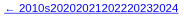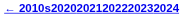 <table id=toc class=toc summary=Contents>
 <tr>
 <th></th>
 </tr>
 <tr>
-<td align=center><a href='#'>← 2010s</a><a href='#'>2020</a><a href='#'>2021</a><a href='#'>2022</a><a href='#'>2023</a><a href='#'>2024</a></td>
+<td align=center><strong><a href='#'>← 2010s</a><a href='#'>2020</a><a href='#'>2021</a><a href='#'>2022</a><a href='#'>2023</a><a href='#'>2024</a></strong></td>
 </tr>
 </table>
